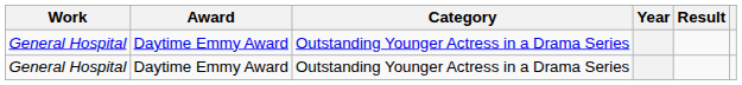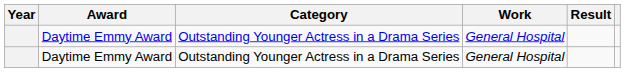 <table class="wikitable sortable plainrowheaders">
 <tr>
-<th>Work</th>
+<th>Year</th>
 <th>Award</th>
 <th>Category</th>
-<th>Year</th>
+<th>Work</th>
 <th>Result</th>
 <th scope="col" class="unsortable"></th>
 </tr>
 <tr>
-<td><em><a href='#'>General Hospital</a></em></td>
+<th scope="row"></th>
 <td><a href='#'>Daytime Emmy Award</a></td>
 <td><a href='#'>Outstanding Younger Actress in a Drama Series</a></td>
-<th scope="row"></th>
+<td><em><a href='#'>General Hospital</a></em></td>
 <td></td>
 <td></td>
 </tr>
 <tr>
-<td><em>General Hospital</em></td>
+<th scope="row"></th>
 <td>Daytime Emmy Award</td>
 <td>Outstanding Younger Actress in a Drama Series</td>
-<th scope="row"></th>
+<td><em>General Hospital</em></td>
 <td></td>
 <td></td>
 </tr>
 </table>
